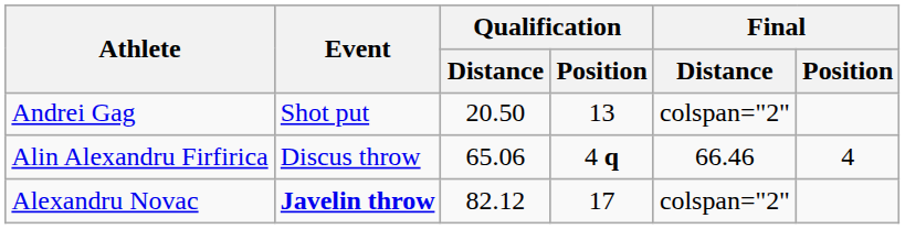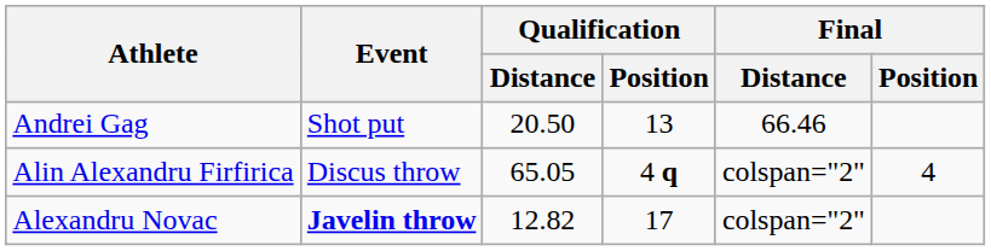 <table class="wikitable" style="font-size:90%">
 <tr>
 <th rowspan="2">Athlete</th>
 <th rowspan="2">Event</th>
 <th colspan="2">Qualification</th>
 <th colspan="2">Final</th>
 </tr>
 <tr>
 <th>Distance</th>
 <th>Position</th>
 <th>Distance</th>
 <th>Position</th>
 </tr>
 <tr style=text-align:center>
 <td style=text-align:left><a href='#'>Andrei Gag</a></td>
 <td style=text-align:left><a href='#'>Shot put</a></td>
 <td>20.50</td>
 <td>13</td>
-<td>colspan="2" </td>
+<td>66.46</td>
 </tr>
 <tr style=text-align:center>
 <td style=text-align:left><a href='#'>Alin Alexandru Firfirica</a></td>
 <td style=text-align:left><a href='#'>Discus throw</a></td>
-<td>65.06</td>
+<td>65.05</td>
 <td>4 <strong>q</strong></td>
-<td>66.46</td>
+<td>colspan="2" </td>
 <td>4</td>
 </tr>
 <tr style=text-align:center>
 <td style=text-align:left><a href='#'>Alexandru Novac</a></td>
 <td style=text-align:left><strong><a href='#'>Javelin throw</a></strong></td>
-<td>82.12</td>
+<td>12.82</td>
 <td>17</td>
 <td>colspan="2" </td>
 </tr>
 </table>
